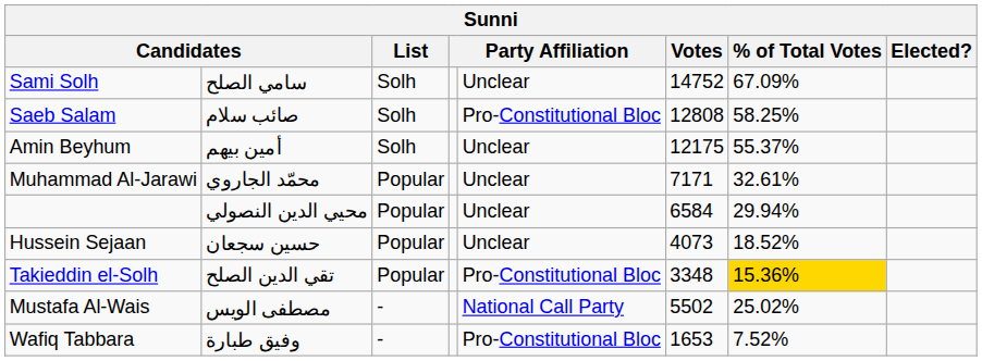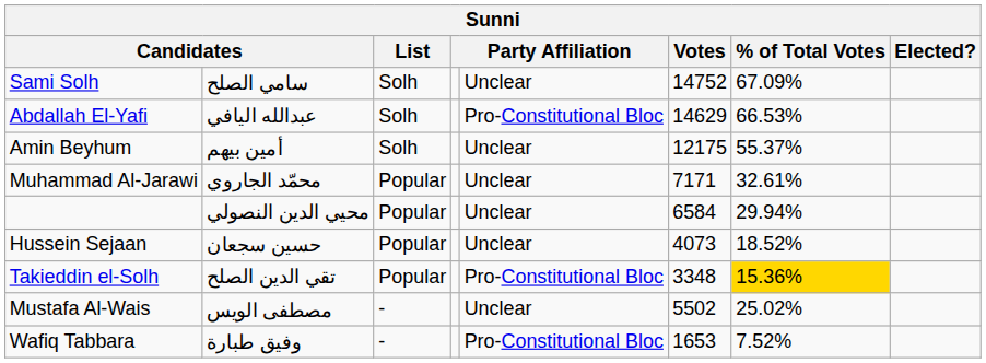 <table class="wikitable sortable">
 <tr>
 <th colspan="8">Sunni</th>
 </tr>
 <tr>
 <th colspan="2">Candidates</th>
 <th>List</th>
 <th colspan="2">Party Affiliation</th>
 <th>Votes</th>
 <th>% of Total Votes</th>
 <th>Elected?</th>
 </tr>
 <tr>
 <td><a href='#'>Sami Solh</a></td>
 <td>سامي الصلح</td>
 <td>Solh</td>
 <td style="background: "></td>
 <td>Unclear</td>
 <td>14752</td>
 <td>67.09%</td>
 <td></td>
 </tr>
 <tr>
-<td><a href='#'>Saeb Salam</a></td>
-<td>صائب سلام</td>
+<td><a href='#'>Abdallah El-Yafi</a></td>
+<td>عبدالله اليافي</td>
 <td>Solh</td>
 <td style="background: "></td>
 <td>Pro-<a href='#'>Constitutional Bloc</a></td>
-<td>12808</td>
-<td>58.25%</td>
+<td>14629</td>
+<td>66.53%</td>
 <td></td>
 </tr>
 <tr>
 <td>Amin Beyhum</td>
 <td>أمين بيهم</td>
 <td>Solh</td>
 <td style="background: "></td>
 <td>Unclear</td>
 <td>12175</td>
 <td>55.37%</td>
 <td></td>
 </tr>
 <tr>
 <td>Muhammad Al-Jarawi</td>
 <td>محمّد الجاروي</td>
 <td>Popular</td>
 <td style="background: "></td>
 <td>Unclear</td>
 <td>7171</td>
 <td>32.61%</td>
 <td></td>
 </tr>
 <tr>
 <td></td>
 <td>محيي الدين النصولي</td>
 <td>Popular</td>
 <td style="background: "></td>
 <td>Unclear</td>
 <td>6584</td>
 <td>29.94%</td>
 <td></td>
 </tr>
 <tr>
 <td>Hussein Sejaan</td>
 <td>حسين سجعان</td>
 <td>Popular</td>
 <td style="background: "></td>
 <td>Unclear</td>
 <td>4073</td>
 <td>18.52%</td>
 <td></td>
 </tr>
 <tr>
 <td><a href='#'>Takieddin el-Solh</a></td>
 <td>تقي الدين الصلح</td>
 <td>Popular</td>
 <td style="background: "></td>
 <td>Pro-<a href='#'>Constitutional Bloc</a></td>
 <td>3348</td>
 <td style="background: gold;">15.36%</td>
 <td></td>
 </tr>
 <tr>
 <td>Mustafa Al-Wais</td>
 <td>مصطفى الويس</td>
 <td>-</td>
 <td style="background: "></td>
-<td><a href='#'>National Call Party</a></td>
+<td>Unclear</td>
 <td>5502</td>
 <td>25.02%</td>
 <td></td>
 </tr>
 <tr>
 <td>Wafiq Tabbara</td>
 <td>وفيق طبارة</td>
 <td>-</td>
 <td style="background: "></td>
 <td>Pro-<a href='#'>Constitutional Bloc</a></td>
 <td>1653</td>
 <td>7.52%</td>
 <td></td>
 </tr>
 </table>
